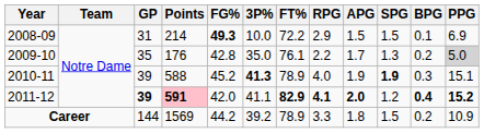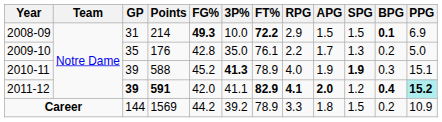 <table class="wikitable sortable">
 <tr>
 <th>Year</th>
 <th>Team</th>
 <th>GP</th>
 <th>Points</th>
 <th>FG%</th>
 <th>3P%</th>
 <th>FT%</th>
 <th>RPG</th>
 <th>APG</th>
 <th>SPG</th>
 <th>BPG</th>
 <th>PPG</th>
 </tr>
 <tr>
 <td>2008-09</td>
 <td rowspan=4><a href='#'>Notre Dame</a></td>
 <td>31</td>
 <td>214</td>
 <td><strong>49.3</strong></td>
 <td>10.0</td>
-<td>72.2</td>
+<td><strong>72.2</strong></td>
 <td>2.9</td>
 <td>1.5</td>
 <td>1.5</td>
-<td>0.1</td>
+<td><strong>0.1</strong></td>
 <td>6.9</td>
 </tr>
 <tr>
 <td>2009-10</td>
 <td>35</td>
 <td>176</td>
 <td>42.8</td>
 <td>35.0</td>
 <td>76.1</td>
 <td>2.2</td>
 <td>1.7</td>
 <td>1.3</td>
 <td>0.2</td>
-<td style="background: lightgrey;">5.0</td>
+<td>5.0</td>
 </tr>
 <tr>
 <td>2010-11</td>
 <td>39</td>
 <td>588</td>
 <td>45.2</td>
 <td><strong>41.3</strong></td>
 <td>78.9</td>
 <td>4.0</td>
 <td>1.9</td>
 <td><strong>1.9</strong></td>
 <td>0.3</td>
 <td>15.1</td>
 </tr>
 <tr>
 <td>2011-12</td>
 <td><strong>39</strong></td>
-<td style="background: pink;"><strong>591</strong></td>
+<td><strong>591</strong></td>
 <td>42.0</td>
 <td>41.1</td>
 <td><strong>82.9</strong></td>
 <td><strong>4.1</strong></td>
 <td><strong>2.0</strong></td>
 <td>1.2</td>
 <td><strong>0.4</strong></td>
-<td><strong>15.2</strong></td>
+<td style="background: paleturquoise;"><strong>15.2</strong></td>
 </tr>
 <tr class="sortbottom">
 <td colspan=2 align=center><strong>Career</strong></td>
 <td>144</td>
 <td>1569</td>
 <td>44.2</td>
 <td>39.2</td>
 <td>78.9</td>
 <td>3.3</td>
 <td>1.8</td>
 <td>1.5</td>
 <td>0.2</td>
 <td>10.9</td>
 </tr>
 </table>
